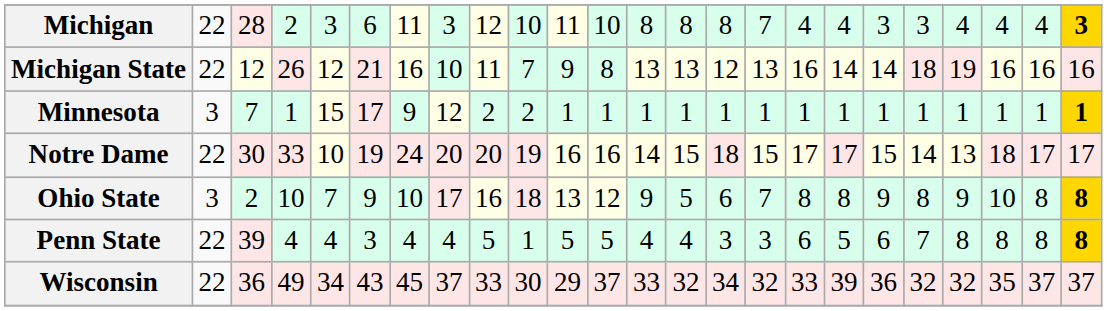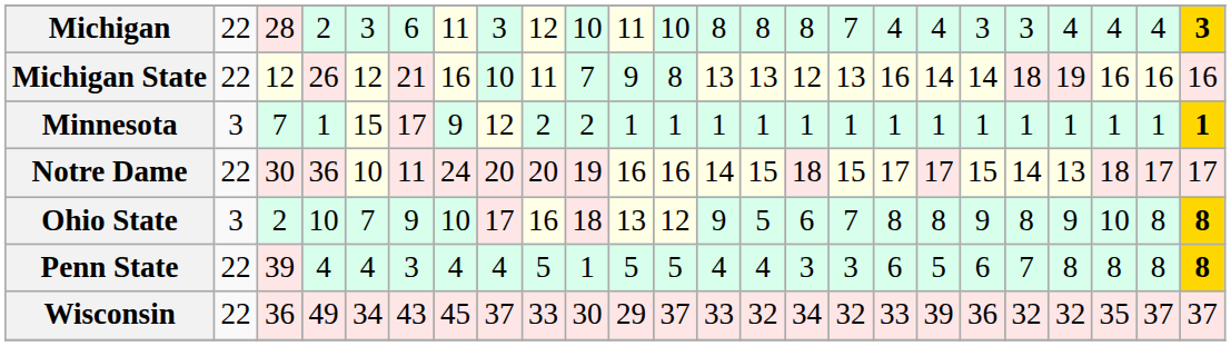 <table class="wikitable sortable" style="text-align: center;">
 <tr>
 </tr>
 <tr>
 <th>Michigan</th>
 <td>22</td>
 <td bgcolor=FFE6E6>28</td>
 <td bgcolor=D8FFEB>2</td>
 <td bgcolor=D8FFEB>3</td>
 <td bgcolor=D8FFEB>6</td>
 <td bgcolor=FFFFE6>11</td>
 <td bgcolor=D8FFEB>3</td>
 <td bgcolor=FFFFE6>12</td>
 <td bgcolor=D8FFEB>10</td>
 <td bgcolor=FFFFE6>11</td>
 <td bgcolor=D8FFEB>10</td>
 <td bgcolor=D8FFEB>8</td>
 <td bgcolor=D8FFEB>8</td>
 <td bgcolor=D8FFEB>8</td>
 <td bgcolor=D8FFEB>7</td>
 <td bgcolor=D8FFEB>4</td>
 <td bgcolor=D8FFEB>4</td>
 <td bgcolor=D8FFEB>3</td>
 <td bgcolor=D8FFEB>3</td>
 <td bgcolor=D8FFEB>4</td>
 <td bgcolor=D8FFEB>4</td>
 <td bgcolor=D8FFEB>4</td>
 <td bgcolor=gold><strong>3</strong></td>
 </tr>
 <tr>
 <th>Michigan State</th>
 <td>22</td>
 <td bgcolor=FFFFE6>12</td>
 <td bgcolor=FFE6E6>26</td>
 <td bgcolor=FFFFE6>12</td>
 <td bgcolor=FFE6E6>21</td>
 <td bgcolor=FFFFE6>16</td>
 <td bgcolor=D8FFEB>10</td>
 <td bgcolor=FFFFE6>11</td>
 <td bgcolor=D8FFEB>7</td>
 <td bgcolor=D8FFEB>9</td>
 <td bgcolor=D8FFEB>8</td>
 <td bgcolor=FFFFE6>13</td>
 <td bgcolor=FFFFE6>13</td>
 <td bgcolor=FFFFE6>12</td>
 <td bgcolor=FFFFE6>13</td>
 <td bgcolor=FFFFE6>16</td>
 <td bgcolor=FFFFE6>14</td>
 <td bgcolor=FFFFE6>14</td>
 <td bgcolor=FFE6E6>18</td>
 <td bgcolor=FFE6E6>19</td>
 <td bgcolor=FFFFE6>16</td>
 <td bgcolor=FFFFE6>16</td>
 <td bgcolor=FFE6E6>16</td>
 </tr>
 <tr>
 <th>Minnesota</th>
 <td>3</td>
 <td bgcolor=D8FFEB>7</td>
 <td bgcolor=D8FFEB>1</td>
 <td bgcolor=FFFFE6>15</td>
 <td bgcolor=FFE6E6>17</td>
 <td bgcolor=D8FFEB>9</td>
 <td bgcolor=FFFFE6>12</td>
 <td bgcolor=D8FFEB>2</td>
 <td bgcolor=D8FFEB>2</td>
 <td bgcolor=D8FFEB>1</td>
 <td bgcolor=D8FFEB>1</td>
 <td bgcolor=D8FFEB>1</td>
 <td bgcolor=D8FFEB>1</td>
 <td bgcolor=D8FFEB>1</td>
 <td bgcolor=D8FFEB>1</td>
 <td bgcolor=D8FFEB>1</td>
 <td bgcolor=D8FFEB>1</td>
 <td bgcolor=D8FFEB>1</td>
 <td bgcolor=D8FFEB>1</td>
 <td bgcolor=D8FFEB>1</td>
 <td bgcolor=D8FFEB>1</td>
 <td bgcolor=D8FFEB>1</td>
 <td bgcolor=gold><strong>1</strong></td>
 </tr>
 <tr>
 <th>Notre Dame</th>
 <td>22</td>
 <td bgcolor=FFE6E6>30</td>
-<td bgcolor=FFE6E6>33</td>
+<td bgcolor=FFE6E6>36</td>
 <td bgcolor=FFFFE6>10</td>
-<td bgcolor=FFE6E6>19</td>
+<td bgcolor=FFE6E6>11</td>
 <td bgcolor=FFE6E6>24</td>
 <td bgcolor=FFE6E6>20</td>
 <td bgcolor=FFE6E6>20</td>
 <td bgcolor=FFE6E6>19</td>
 <td bgcolor=FFFFE6>16</td>
 <td bgcolor=FFFFE6>16</td>
 <td bgcolor=FFFFE6>14</td>
 <td bgcolor=FFFFE6>15</td>
 <td bgcolor=FFE6E6>18</td>
 <td bgcolor=FFFFE6>15</td>
 <td bgcolor=FFFFE6>17</td>
 <td bgcolor=FFE6E6>17</td>
 <td bgcolor=FFFFE6>15</td>
 <td bgcolor=FFFFE6>14</td>
 <td bgcolor=FFFFE6>13</td>
 <td bgcolor=FFE6E6>18</td>
 <td bgcolor=FFE6E6>17</td>
 <td bgcolor=FFE6E6>17</td>
 </tr>
 <tr>
 <th>Ohio State</th>
 <td>3</td>
 <td bgcolor=D8FFEB>2</td>
 <td bgcolor=D8FFEB>10</td>
 <td bgcolor=D8FFEB>7</td>
 <td bgcolor=D8FFEB>9</td>
 <td bgcolor=D8FFEB>10</td>
 <td bgcolor=FFE6E6>17</td>
 <td bgcolor=FFFFE6>16</td>
 <td bgcolor=FFE6E6>18</td>
 <td bgcolor=FFFFE6>13</td>
 <td bgcolor=FFFFE6>12</td>
 <td bgcolor=D8FFEB>9</td>
 <td bgcolor=D8FFEB>5</td>
 <td bgcolor=D8FFEB>6</td>
 <td bgcolor=D8FFEB>7</td>
 <td bgcolor=D8FFEB>8</td>
 <td bgcolor=D8FFEB>8</td>
 <td bgcolor=D8FFEB>9</td>
 <td bgcolor=D8FFEB>8</td>
 <td bgcolor=D8FFEB>9</td>
 <td bgcolor=D8FFEB>10</td>
 <td bgcolor=D8FFEB>8</td>
 <td bgcolor=gold><strong>8</strong></td>
 </tr>
 <tr>
 <th>Penn State</th>
 <td>22</td>
 <td bgcolor=FFE6E6>39</td>
 <td bgcolor=D8FFEB>4</td>
 <td bgcolor=D8FFEB>4</td>
 <td bgcolor=D8FFEB>3</td>
 <td bgcolor=D8FFEB>4</td>
 <td bgcolor=D8FFEB>4</td>
 <td bgcolor=D8FFEB>5</td>
 <td bgcolor=D8FFEB>1</td>
 <td bgcolor=D8FFEB>5</td>
 <td bgcolor=D8FFEB>5</td>
 <td bgcolor=D8FFEB>4</td>
 <td bgcolor=D8FFEB>4</td>
 <td bgcolor=D8FFEB>3</td>
 <td bgcolor=D8FFEB>3</td>
 <td bgcolor=D8FFEB>6</td>
 <td bgcolor=D8FFEB>5</td>
 <td bgcolor=D8FFEB>6</td>
 <td bgcolor=D8FFEB>7</td>
 <td bgcolor=D8FFEB>8</td>
 <td bgcolor=D8FFEB>8</td>
 <td bgcolor=D8FFEB>8</td>
 <td bgcolor=gold><strong>8</strong></td>
 </tr>
 <tr>
 <th>Wisconsin</th>
 <td>22</td>
 <td bgcolor=FFE6E6>36</td>
 <td bgcolor=FFE6E6>49</td>
 <td bgcolor=FFE6E6>34</td>
 <td bgcolor=FFE6E6>43</td>
 <td bgcolor=FFE6E6>45</td>
 <td bgcolor=FFE6E6>37</td>
 <td bgcolor=FFE6E6>33</td>
 <td bgcolor=FFE6E6>30</td>
 <td bgcolor=FFE6E6>29</td>
 <td bgcolor=FFE6E6>37</td>
 <td bgcolor=FFE6E6>33</td>
 <td bgcolor=FFE6E6>32</td>
 <td bgcolor=FFE6E6>34</td>
 <td bgcolor=FFE6E6>32</td>
 <td bgcolor=FFE6E6>33</td>
 <td bgcolor=FFE6E6>39</td>
 <td bgcolor=FFE6E6>36</td>
 <td bgcolor=FFE6E6>32</td>
 <td bgcolor=FFE6E6>32</td>
 <td bgcolor=FFE6E6>35</td>
 <td bgcolor=FFE6E6>37</td>
 <td bgcolor=FFE6E6>37</td>
 </tr>
 <tr>
 </tr>
 </table>
